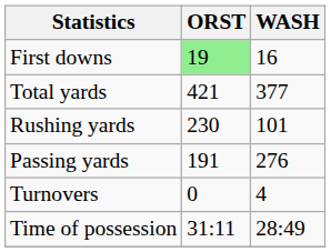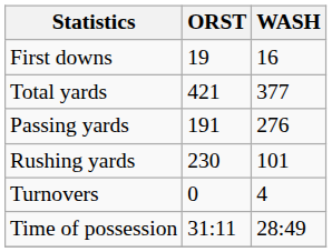 <table class="wikitable" style="float: left;">
 <tr>
 <th>Statistics</th>
 <th>ORST</th>
 <th>WASH</th>
 </tr>
 <tr>
 <td>First downs</td>
-<td style="background: lightgreen;">19</td>
+<td>19</td>
 <td>16</td>
 </tr>
 <tr>
 <td>Total yards</td>
 <td>421</td>
 <td>377</td>
 </tr>
 <tr>
+<td>Passing yards</td>
+<td>191</td>
+<td>276</td>
+</tr>
+<tr>
 <td>Rushing yards</td>
 <td>230</td>
 <td>101</td>
-</tr>
-<tr>
-<td>Passing yards</td>
-<td>191</td>
-<td>276</td>
 </tr>
 <tr>
 <td>Turnovers</td>
 <td>0</td>
 <td>4</td>
 </tr>
 <tr>
 <td>Time of possession</td>
 <td>31:11</td>
 <td>28:49</td>
 </tr>
 <tr>
 </tr>
 </table>
